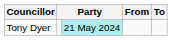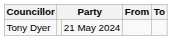 <table class=wikitable>
 <tr>
 <th>Councillor</th>
 <th colspan=2>Party</th>
 <th>From</th>
 <th>To</th>
 </tr>
 <tr>
 <td>Tony Dyer</td>
 <td></td>
-<td align=right style="background: paleturquoise;">21 May 2024</td>
+<td align=right>21 May 2024</td>
 <td align=right></td>
 </tr>
 </table>
